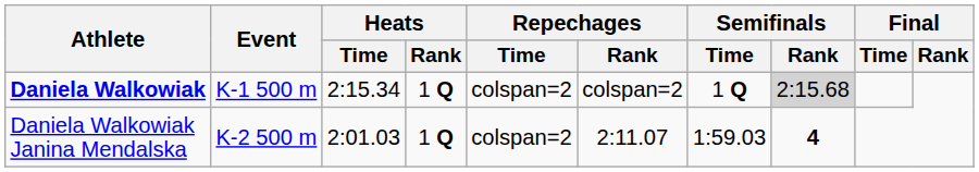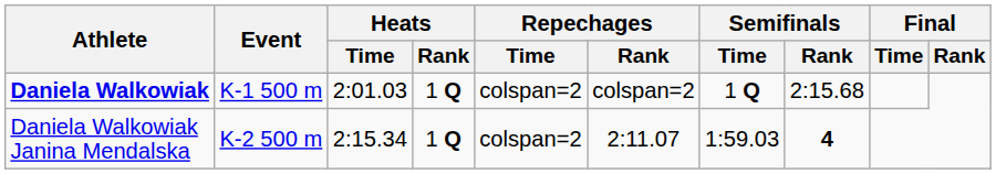 <table class="wikitable" style="font-size:90%">
 <tr>
 <th rowspan=2>Athlete</th>
 <th rowspan=2>Event</th>
 <th colspan=2>Heats</th>
 <th colspan=2>Repechages</th>
 <th colspan=2>Semifinals</th>
 <th colspan=2>Final</th>
 </tr>
 <tr style="font-size:95%">
 <th>Time</th>
 <th>Rank</th>
 <th>Time</th>
 <th>Rank</th>
 <th>Time</th>
 <th>Rank</th>
 <th>Time</th>
 <th>Rank</th>
 </tr>
 <tr align=center>
 <td align=left><strong><a href='#'>Daniela Walkowiak</a></strong></td>
 <td align=left><a href='#'>K-1 500 m</a></td>
-<td>2:15.34</td>
+<td>2:01.03</td>
 <td>1 <strong>Q</strong></td>
 <td>colspan=2 </td>
 <td>colspan=2 </td>
 <td>1 <strong>Q</strong></td>
-<td style="background: lightgrey;">2:15.68</td>
+<td>2:15.68</td>
 <td></td>
 </tr>
 <tr align=center>
 <td align=left><a href='#'>Daniela Walkowiak</a><br><a href='#'>Janina Mendalska</a></td>
 <td align=left><a href='#'>K-2 500 m</a></td>
-<td>2:01.03</td>
+<td>2:15.34</td>
 <td>1 <strong>Q</strong></td>
 <td>colspan=2 </td>
 <td>2:11.07</td>
 <td>1:59.03</td>
 <td><strong>4</strong></td>
 </tr>
 </table>
